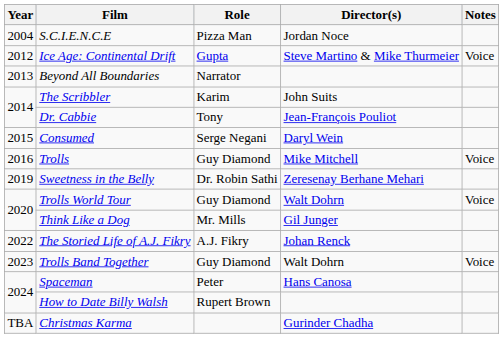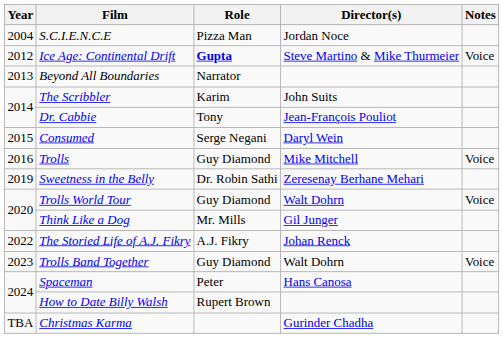 <table class="wikitable sortable">
 <tr style="background:#b0c4de; text-align:center;"|->
 <th>Year</th>
 <th>Film</th>
 <th>Role</th>
 <th>Director(s)</th>
 <th>Notes</th>
 </tr>
 <tr>
 <td>2004</td>
 <td><em>S.C.I.E.N.C.E</em></td>
 <td>Pizza Man</td>
 <td>Jordan Noce</td>
 <td></td>
 </tr>
 <tr>
 <td>2012</td>
 <td><em><a href='#'>Ice Age: Continental Drift</a></em></td>
-<td><a href='#'>Gupta</a></td>
+<td><strong><a href='#'>Gupta</a></strong></td>
 <td><a href='#'>Steve Martino</a> & <a href='#'>Mike Thurmeier</a></td>
 <td>Voice</td>
 </tr>
 <tr>
 <td>2013</td>
 <td><em>Beyond All Boundaries</em></td>
 <td>Narrator</td>
 <td></td>
 <td></td>
 </tr>
 <tr>
 <td rowspan=2>2014</td>
 <td><em><a href='#'>The Scribbler</a></em></td>
 <td>Karim</td>
 <td>John Suits</td>
 <td></td>
 </tr>
 <tr>
 <td><em><a href='#'>Dr. Cabbie</a></em></td>
 <td>Tony</td>
 <td><a href='#'>Jean-François Pouliot</a></td>
 <td></td>
 </tr>
 <tr>
 <td>2015</td>
 <td><em><a href='#'>Consumed</a></em></td>
 <td>Serge Negani</td>
 <td><a href='#'>Daryl Wein</a></td>
 <td></td>
 </tr>
 <tr>
 <td>2016</td>
 <td><em><a href='#'>Trolls</a></em></td>
 <td>Guy Diamond</td>
 <td><a href='#'>Mike Mitchell</a></td>
 <td>Voice</td>
 </tr>
 <tr>
 <td>2019</td>
 <td><em><a href='#'>Sweetness in the Belly</a></em></td>
 <td>Dr. Robin Sathi</td>
 <td><a href='#'>Zeresenay Berhane Mehari</a></td>
 <td></td>
 </tr>
 <tr>
 <td rowspan=2>2020</td>
 <td><em><a href='#'>Trolls World Tour</a></em></td>
 <td>Guy Diamond</td>
 <td><a href='#'>Walt Dohrn</a></td>
 <td>Voice</td>
 </tr>
 <tr>
 <td><em><a href='#'>Think Like a Dog</a></em></td>
 <td>Mr. Mills</td>
 <td><a href='#'>Gil Junger</a></td>
 <td></td>
 </tr>
 <tr>
 <td>2022</td>
 <td><em><a href='#'>The Storied Life of A.J. Fikry</a></em></td>
 <td>A.J. Fikry</td>
 <td><a href='#'>Johan Renck</a></td>
 <td></td>
 </tr>
 <tr>
 <td>2023</td>
 <td><em><a href='#'>Trolls Band Together</a></em></td>
 <td>Guy Diamond</td>
 <td>Walt Dohrn</td>
 <td>Voice</td>
 </tr>
 <tr>
 <td rowspan="2">2024</td>
 <td><em><a href='#'>Spaceman</a></em></td>
 <td>Peter</td>
 <td><a href='#'>Hans Canosa</a></td>
 <td></td>
 </tr>
 <tr>
 <td><em><a href='#'>How to Date Billy Walsh</a></em></td>
 <td>Rupert Brown</td>
 <td></td>
 <td></td>
 </tr>
 <tr>
 <td>TBA</td>
 <td><em><a href='#'>Christmas Karma</a></em></td>
 <td></td>
 <td><a href='#'>Gurinder Chadha</a></td>
 <td></td>
 </tr>
 </table>
